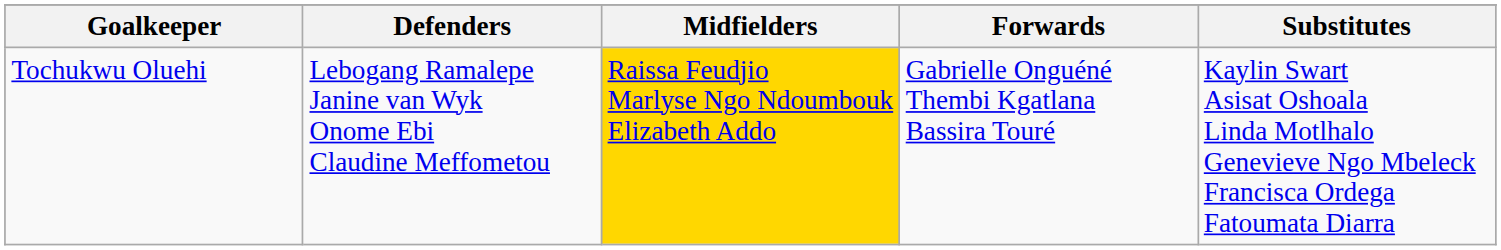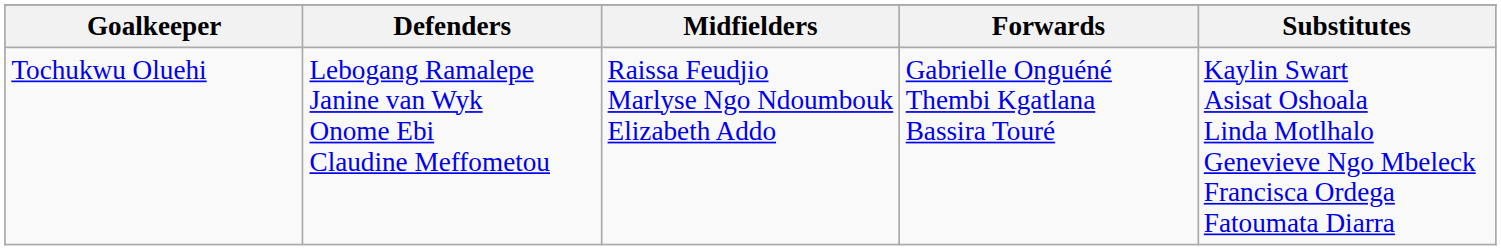 <table class="wikitable" style="margin:auto;text-align:left">
 <tr>
 </tr>
 <tr>
 <th style="width:20%;">Goalkeeper</th>
 <th style="width:20%;">Defenders</th>
 <th style="width:20%;">Midfielders</th>
 <th style="width:20%;">Forwards</th>
 <th style="width:20%;">Substitutes</th>
 </tr>
 <tr style="vertical-align:top;">
 <td> <a href='#'>Tochukwu Oluehi</a></td>
 <td> <a href='#'>Lebogang Ramalepe</a><br> <a href='#'>Janine van Wyk</a><br> <a href='#'>Onome Ebi</a><br> <a href='#'>Claudine Meffometou</a></td>
-<td style="background: gold;"> <a href='#'>Raissa Feudjio</a><br> <a href='#'>Marlyse Ngo Ndoumbouk</a><br> <a href='#'>Elizabeth Addo</a></td>
+<td> <a href='#'>Raissa Feudjio</a><br> <a href='#'>Marlyse Ngo Ndoumbouk</a><br> <a href='#'>Elizabeth Addo</a></td>
 <td> <a href='#'>Gabrielle Onguéné</a><br> <a href='#'>Thembi Kgatlana</a><br> <a href='#'>Bassira Touré</a></td>
 <td> <a href='#'>Kaylin Swart</a><br> <a href='#'>Asisat Oshoala</a><br> <a href='#'>Linda Motlhalo</a><br> <a href='#'>Genevieve Ngo Mbeleck</a><br> <a href='#'>Francisca Ordega</a><br> <a href='#'>Fatoumata Diarra</a></td>
 </tr>
 </table>
